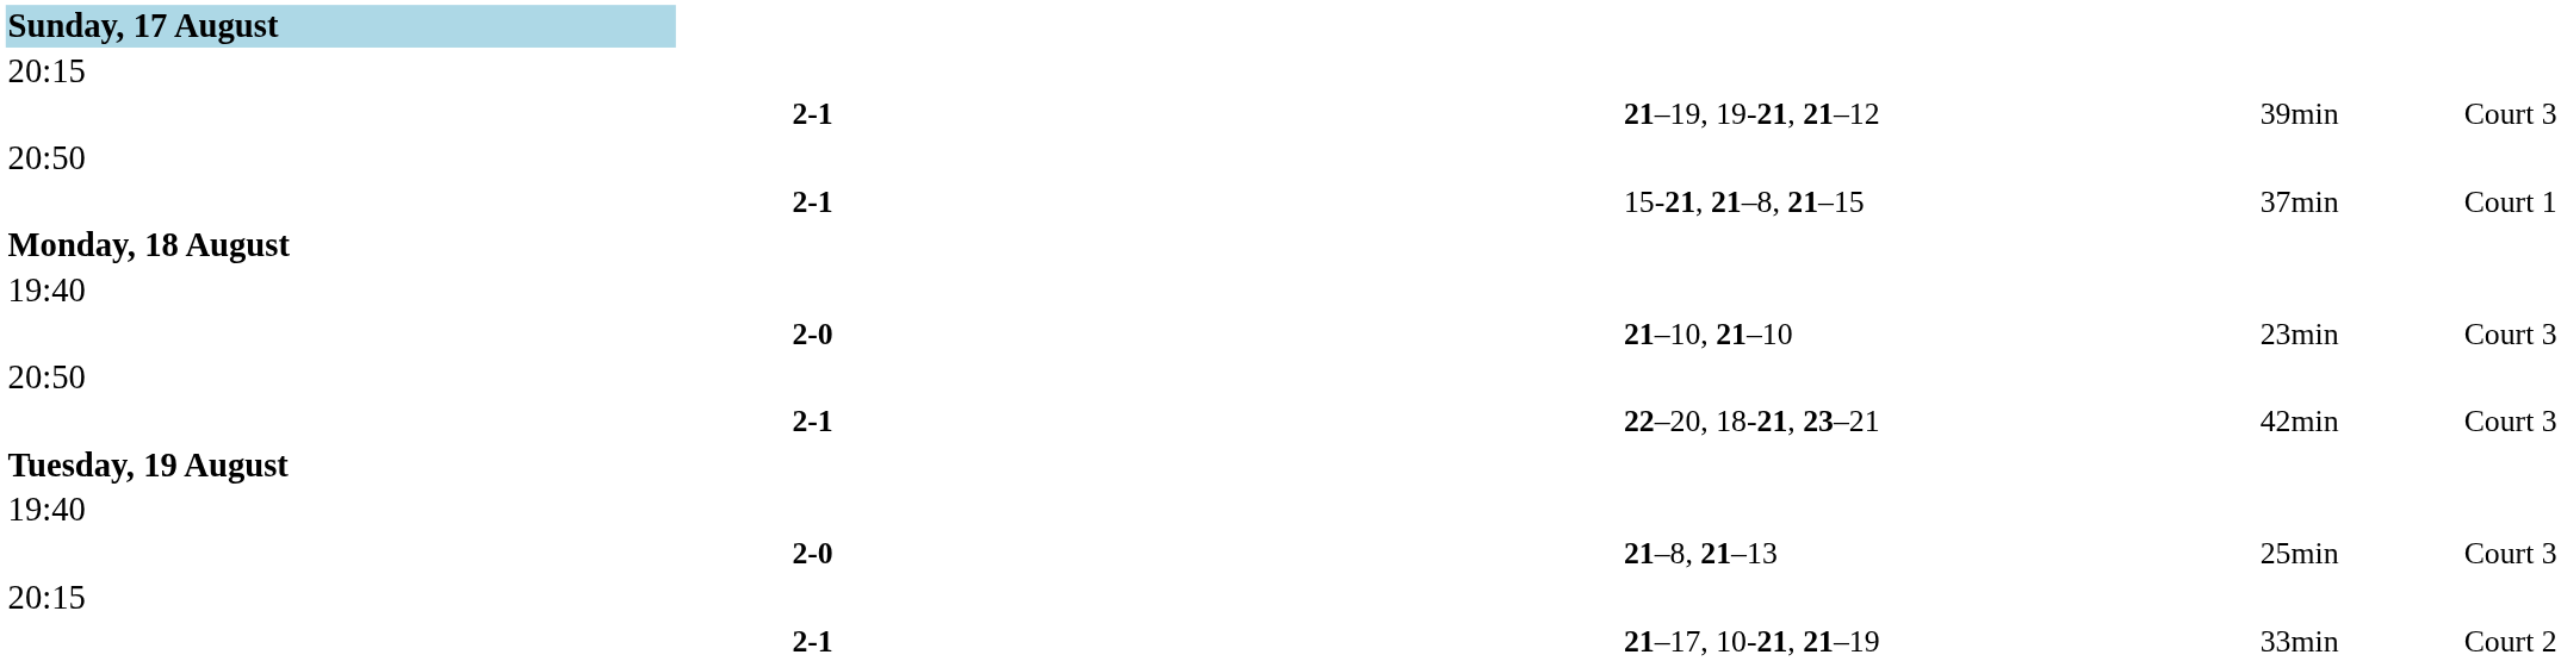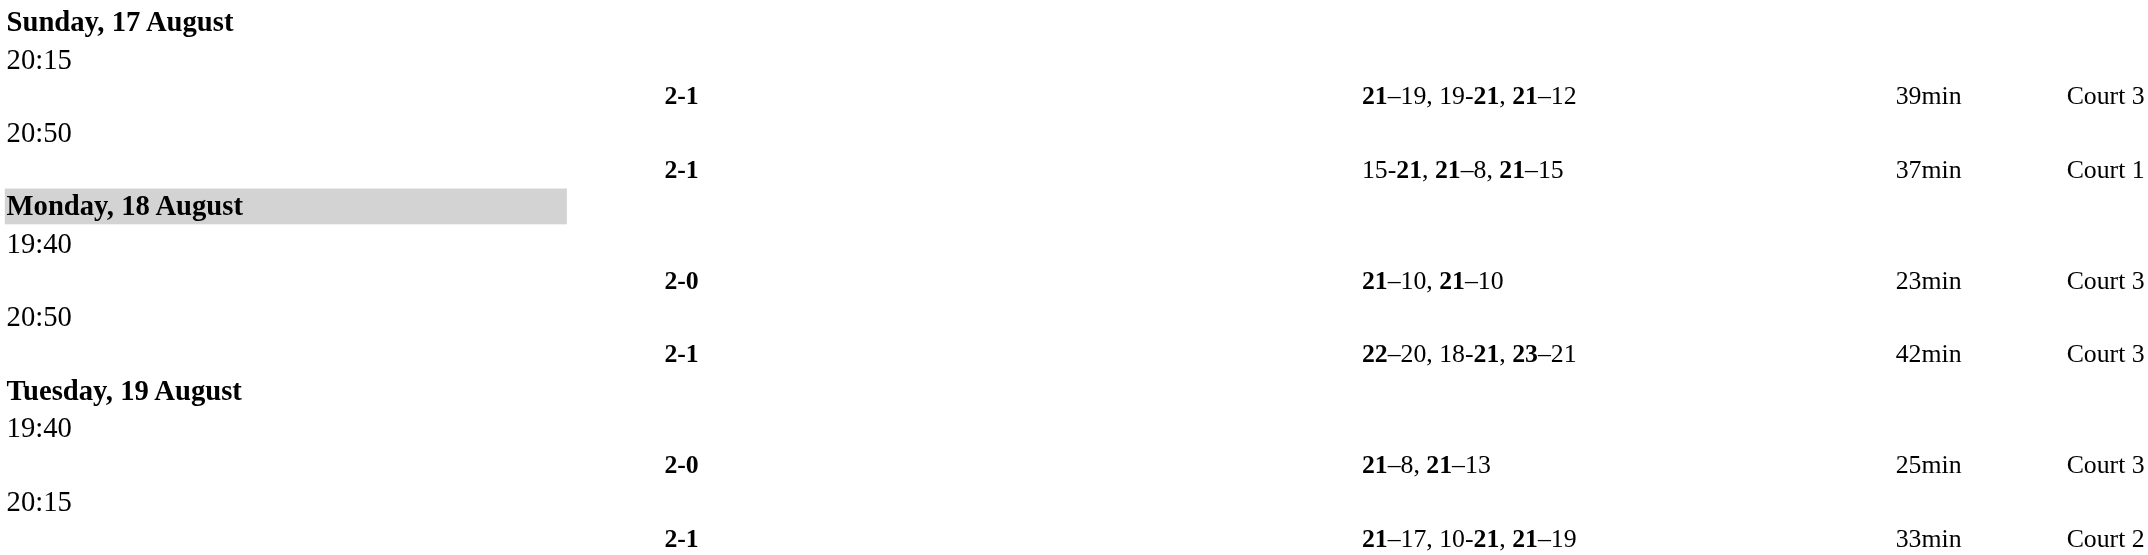 <table style="width:100%;" cellspacing="1">
 <tr>
 <th width=25%></th>
 <th width=10%></th>
 <th width=25%></th>
 </tr>
 <tr>
-<td style="background: lightblue;"><strong>Sunday, 17 August</strong></td>
+<td><strong>Sunday, 17 August</strong></td>
 </tr>
 <tr>
 <td>20:15</td>
 </tr>
 <tr style=font-size:90%>
 <td align=right><strong><br></strong></td>
 <td align=center><strong> 2-1 </strong></td>
 <td><br></td>
 <td><strong>21</strong>–19, 19-<strong>21</strong>, <strong>21</strong>–12</td>
 <td>39min</td>
 <td>Court 3</td>
 </tr>
 <tr>
 <td>20:50</td>
 </tr>
 <tr style=font-size:90%>
 <td align=right><strong><br></strong></td>
 <td align=center><strong> 2-1 </strong></td>
 <td><br></td>
 <td>15-<strong>21</strong>, <strong>21</strong>–8, <strong>21</strong>–15</td>
 <td>37min</td>
 <td>Court 1</td>
 </tr>
 <tr>
-<td><strong>Monday, 18 August</strong></td>
+<td style="background: lightgrey;"><strong>Monday, 18 August</strong></td>
 </tr>
 <tr>
 <td>19:40</td>
 </tr>
 <tr style=font-size:90%>
 <td align=right><strong><br></strong></td>
 <td align=center><strong> 2-0 </strong></td>
 <td><br></td>
 <td><strong>21</strong>–10, <strong>21</strong>–10</td>
 <td>23min</td>
 <td>Court 3</td>
 </tr>
 <tr>
 <td>20:50</td>
 </tr>
 <tr style=font-size:90%>
 <td align=right><strong><br></strong></td>
 <td align=center><strong> 2-1 </strong></td>
 <td><br></td>
 <td><strong>22</strong>–20, 18-<strong>21</strong>, <strong>23</strong>–21</td>
 <td>42min</td>
 <td>Court 3</td>
 </tr>
 <tr>
 <td><strong>Tuesday, 19 August</strong></td>
 </tr>
 <tr>
 <td>19:40</td>
 </tr>
 <tr style=font-size:90%>
 <td align=right><strong><br></strong></td>
 <td align=center><strong> 2-0 </strong></td>
 <td><br></td>
 <td><strong>21</strong>–8, <strong>21</strong>–13</td>
 <td>25min</td>
 <td>Court 3</td>
 </tr>
 <tr>
 <td>20:15</td>
 </tr>
 <tr style=font-size:90%>
 <td align=right><strong><br></strong></td>
 <td align=center><strong> 2-1 </strong></td>
 <td><br></td>
 <td><strong>21</strong>–17, 10-<strong>21</strong>, <strong>21</strong>–19</td>
 <td>33min</td>
 <td>Court 2</td>
 </tr>
 </table>
